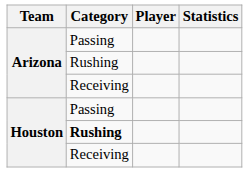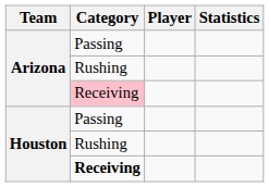 <table class="wikitable" style="float:right">
 <tr>
 <th>Team</th>
 <th>Category</th>
 <th>Player</th>
 <th>Statistics</th>
 </tr>
 <tr>
 <th rowspan=3>Arizona</th>
 <td>Passing</td>
 <td></td>
 <td></td>
 </tr>
 <tr>
 <td>Rushing</td>
 <td></td>
 <td></td>
 </tr>
 <tr>
-<td>Receiving</td>
+<td style="background: pink;">Receiving</td>
 <td></td>
 <td></td>
 </tr>
 <tr>
 <th rowspan=3>Houston</th>
 <td>Passing</td>
 <td></td>
 <td></td>
 </tr>
 <tr>
-<td><strong>Rushing</strong></td>
+<td>Rushing</td>
 <td></td>
 <td></td>
 </tr>
 <tr>
-<td>Receiving</td>
+<td><strong>Receiving</strong></td>
 <td></td>
 <td></td>
 </tr>
 </table>
